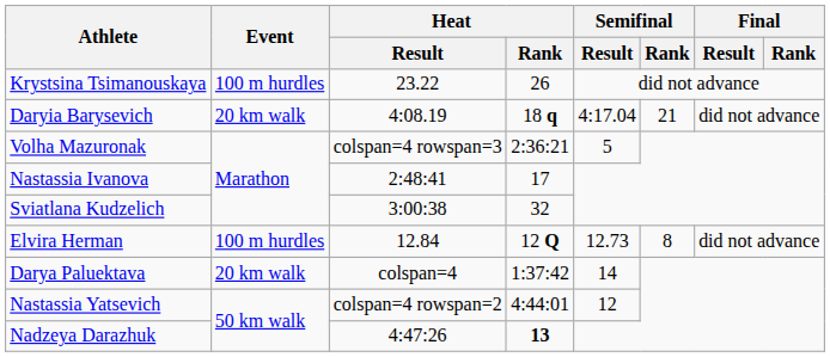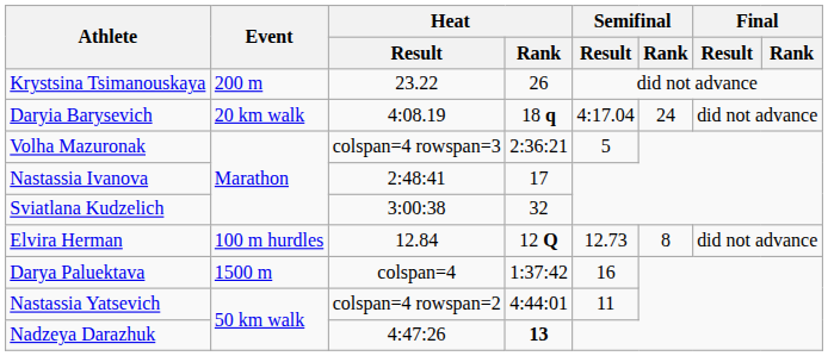 <table class="wikitable"  style=font-size:90%>
 <tr>
 <th rowspan="2">Athlete</th>
 <th rowspan="2">Event</th>
 <th colspan="2">Heat</th>
 <th colspan="2">Semifinal</th>
 <th colspan="2">Final</th>
 </tr>
 <tr>
 <th>Result</th>
 <th>Rank</th>
 <th>Result</th>
 <th>Rank</th>
 <th>Result</th>
 <th>Rank</th>
 </tr>
 <tr style=text-align:center>
 <td style=text-align:left><a href='#'>Krystsina Tsimanouskaya</a></td>
-<td style=text-align:left><a href='#'>100 m hurdles</a></td>
+<td style=text-align:left><a href='#'>200 m</a></td>
 <td>23.22</td>
 <td>26</td>
 <td colspan=4>did not advance</td>
 </tr>
 <tr style=text-align:center>
 <td style=text-align:left><a href='#'>Daryia Barysevich</a></td>
 <td style=text-align:left><a href='#'>20 km walk</a></td>
 <td>4:08.19</td>
 <td>18 <strong>q</strong></td>
 <td>4:17.04</td>
-<td>21</td>
+<td>24</td>
 <td colspan=2>did not advance</td>
 </tr>
 <tr style=text-align:center>
 <td style=text-align:left><a href='#'>Volha Mazuronak</a></td>
 <td style=text-align:left rowspan=3><a href='#'>Marathon</a></td>
 <td>colspan=4 rowspan=3</td>
 <td>2:36:21</td>
 <td>5</td>
 </tr>
 <tr style=text-align:center>
 <td style=text-align:left><a href='#'>Nastassia Ivanova</a></td>
 <td>2:48:41</td>
 <td>17</td>
 </tr>
 <tr style=text-align:center>
 <td style=text-align:left><a href='#'>Sviatlana Kudzelich</a></td>
 <td>3:00:38</td>
 <td>32</td>
 </tr>
 <tr style=text-align:center>
 <td style=text-align:left><a href='#'>Elvira Herman</a></td>
 <td style=text-align:left><a href='#'>100 m hurdles</a></td>
 <td>12.84</td>
 <td>12 <strong>Q</strong></td>
 <td>12.73</td>
 <td>8</td>
 <td colspan=2>did not advance</td>
 </tr>
 <tr style=text-align:center>
 <td style=text-align:left><a href='#'>Darya Paluektava</a></td>
-<td style=text-align:left><a href='#'>20 km walk</a></td>
+<td style=text-align:left><a href='#'>1500 m</a></td>
 <td>colspan=4</td>
 <td>1:37:42</td>
-<td>14</td>
+<td>16</td>
 </tr>
 <tr style=text-align:center>
 <td style=text-align:left><a href='#'>Nastassia Yatsevich</a></td>
 <td style=text-align:left rowspan=2><a href='#'>50 km walk</a></td>
 <td>colspan=4 rowspan=2</td>
 <td>4:44:01</td>
-<td>12</td>
+<td>11</td>
 </tr>
 <tr style=text-align:center>
 <td style=text-align:left><a href='#'>Nadzeya Darazhuk</a></td>
 <td>4:47:26</td>
 <td><strong>13</strong></td>
 </tr>
 </table>
